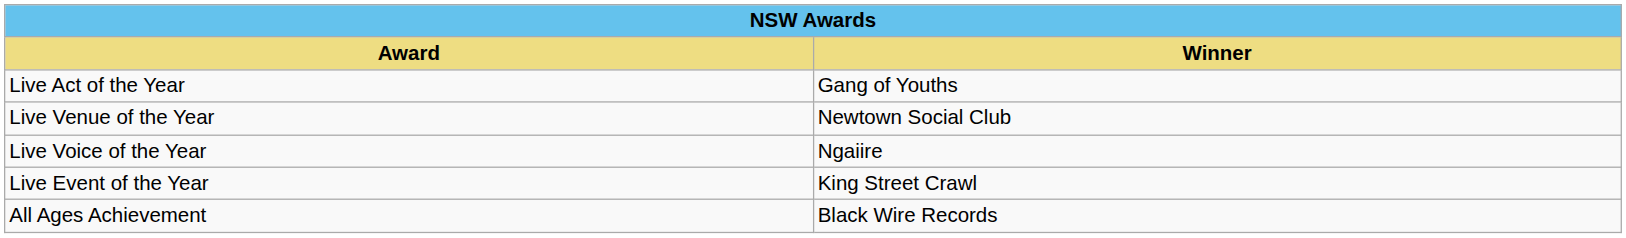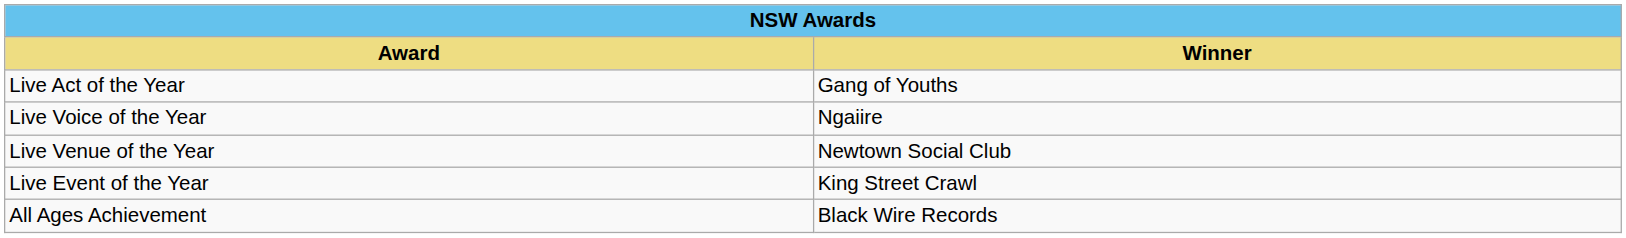 <table class="wikitable" width=100%>
 <tr>
 <th colspan="2" ! style="width:15%;background:#64C2ED">NSW Awards</th>
 </tr>
 <tr>
 <th style="width:10%;background:#EEDD82;">Award</th>
 <th style="width:10%;background:#EEDD82;">Winner</th>
 </tr>
 <tr>
 <td>Live Act of the Year</td>
 <td>Gang of Youths</td>
 </tr>
 <tr>
+<td>Live Voice of the Year</td>
+<td>Ngaiire</td>
+</tr>
+<tr>
 <td>Live Venue of the Year</td>
 <td>Newtown Social Club</td>
-</tr>
-<tr>
-<td>Live Voice of the Year</td>
-<td>Ngaiire</td>
 </tr>
 <tr>
 <td>Live Event of the Year</td>
 <td>King Street Crawl</td>
 </tr>
 <tr>
 <td>All Ages Achievement</td>
 <td>Black Wire Records</td>
 </tr>
 </table>
